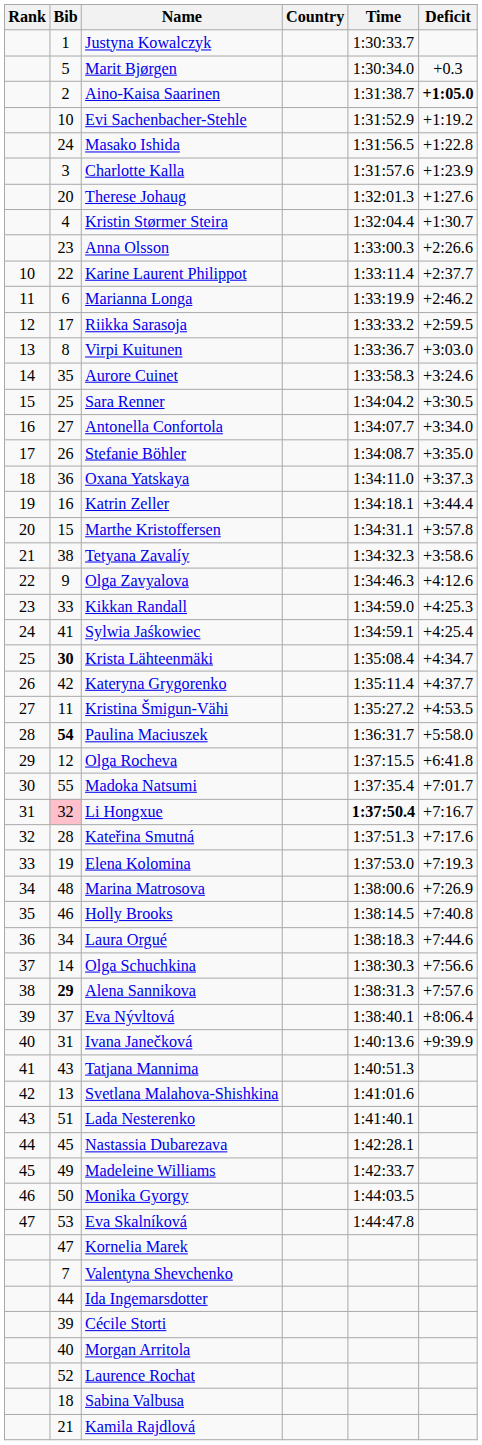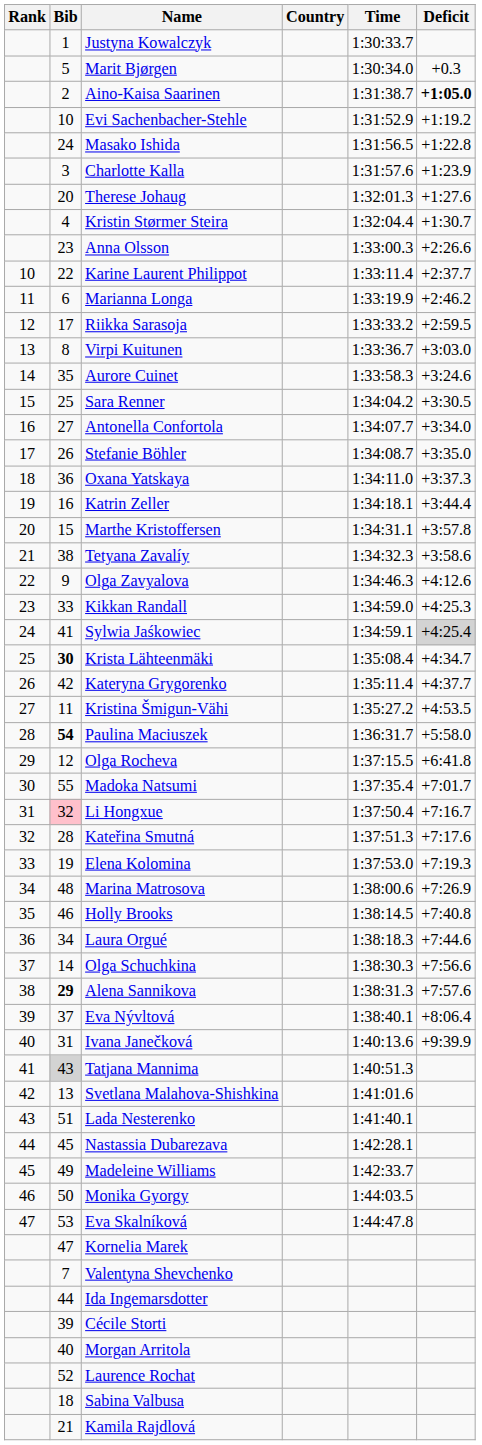 <table class="wikitable sortable" style="text-align:center">
 <tr>
 <th>Rank</th>
 <th>Bib</th>
 <th>Name</th>
 <th>Country</th>
 <th>Time</th>
 <th>Deficit</th>
 </tr>
 <tr>
 <td></td>
 <td>1</td>
 <td align="left"><a href='#'>Justyna Kowalczyk</a></td>
 <td align="left"></td>
 <td>1:30:33.7</td>
 <td></td>
 </tr>
 <tr>
 <td></td>
 <td>5</td>
 <td align="left"><a href='#'>Marit Bjørgen</a></td>
 <td align="left"></td>
 <td>1:30:34.0</td>
 <td>+0.3</td>
 </tr>
 <tr>
 <td></td>
 <td>2</td>
 <td align="left"><a href='#'>Aino-Kaisa Saarinen</a></td>
 <td align="left"></td>
 <td>1:31:38.7</td>
 <td><strong>+1:05.0</strong></td>
 </tr>
 <tr>
 <td></td>
 <td>10</td>
 <td align="left"><a href='#'>Evi Sachenbacher-Stehle</a></td>
 <td align="left"></td>
 <td>1:31:52.9</td>
 <td>+1:19.2</td>
 </tr>
 <tr>
 <td></td>
 <td>24</td>
 <td align="left"><a href='#'>Masako Ishida</a></td>
 <td align="left"></td>
 <td>1:31:56.5</td>
 <td>+1:22.8</td>
 </tr>
 <tr>
 <td></td>
 <td>3</td>
 <td align="left"><a href='#'>Charlotte Kalla</a></td>
 <td align="left"></td>
 <td>1:31:57.6</td>
 <td>+1:23.9</td>
 </tr>
 <tr>
 <td></td>
 <td>20</td>
 <td align="left"><a href='#'>Therese Johaug</a></td>
 <td align="left"></td>
 <td>1:32:01.3</td>
 <td>+1:27.6</td>
 </tr>
 <tr>
 <td></td>
 <td>4</td>
 <td align="left"><a href='#'>Kristin Størmer Steira</a></td>
 <td align="left"></td>
 <td>1:32:04.4</td>
 <td>+1:30.7</td>
 </tr>
 <tr>
 <td></td>
 <td>23</td>
 <td align="left"><a href='#'>Anna Olsson</a></td>
 <td align="left"></td>
 <td>1:33:00.3</td>
 <td>+2:26.6</td>
 </tr>
 <tr>
 <td>10</td>
 <td>22</td>
 <td align="left"><a href='#'>Karine Laurent Philippot</a></td>
 <td align="left"></td>
 <td>1:33:11.4</td>
 <td>+2:37.7</td>
 </tr>
 <tr>
 <td>11</td>
 <td>6</td>
 <td align="left"><a href='#'>Marianna Longa</a></td>
 <td align="left"></td>
 <td>1:33:19.9</td>
 <td>+2:46.2</td>
 </tr>
 <tr>
 <td>12</td>
 <td>17</td>
 <td align="left"><a href='#'>Riikka Sarasoja</a></td>
 <td align="left"></td>
 <td>1:33:33.2</td>
 <td>+2:59.5</td>
 </tr>
 <tr>
 <td>13</td>
 <td>8</td>
 <td align="left"><a href='#'>Virpi Kuitunen</a></td>
 <td align="left"></td>
 <td>1:33:36.7</td>
 <td>+3:03.0</td>
 </tr>
 <tr>
 <td>14</td>
 <td>35</td>
 <td align="left"><a href='#'>Aurore Cuinet</a></td>
 <td align="left"></td>
 <td>1:33:58.3</td>
 <td>+3:24.6</td>
 </tr>
 <tr>
 <td>15</td>
 <td>25</td>
 <td align="left"><a href='#'>Sara Renner</a></td>
 <td align="left"></td>
 <td>1:34:04.2</td>
 <td>+3:30.5</td>
 </tr>
 <tr>
 <td>16</td>
 <td>27</td>
 <td align="left"><a href='#'>Antonella Confortola</a></td>
 <td align="left"></td>
 <td>1:34:07.7</td>
 <td>+3:34.0</td>
 </tr>
 <tr>
 <td>17</td>
 <td>26</td>
 <td align="left"><a href='#'>Stefanie Böhler</a></td>
 <td align="left"></td>
 <td>1:34:08.7</td>
 <td>+3:35.0</td>
 </tr>
 <tr>
 <td>18</td>
 <td>36</td>
 <td align="left"><a href='#'>Oxana Yatskaya</a></td>
 <td align="left"></td>
 <td>1:34:11.0</td>
 <td>+3:37.3</td>
 </tr>
 <tr>
 <td>19</td>
 <td>16</td>
 <td align="left"><a href='#'>Katrin Zeller</a></td>
 <td align="left"></td>
 <td>1:34:18.1</td>
 <td>+3:44.4</td>
 </tr>
 <tr>
 <td>20</td>
 <td>15</td>
 <td align="left"><a href='#'>Marthe Kristoffersen</a></td>
 <td align="left"></td>
 <td>1:34:31.1</td>
 <td>+3:57.8</td>
 </tr>
 <tr>
 <td>21</td>
 <td>38</td>
 <td align="left"><a href='#'>Tetyana Zavalíy</a></td>
 <td align="left"></td>
 <td>1:34:32.3</td>
 <td>+3:58.6</td>
 </tr>
 <tr>
 <td>22</td>
 <td>9</td>
 <td align="left"><a href='#'>Olga Zavyalova</a></td>
 <td align="left"></td>
 <td>1:34:46.3</td>
 <td>+4:12.6</td>
 </tr>
 <tr>
 <td>23</td>
 <td>33</td>
 <td align="left"><a href='#'>Kikkan Randall</a></td>
 <td align="left"></td>
 <td>1:34:59.0</td>
 <td>+4:25.3</td>
 </tr>
 <tr>
 <td>24</td>
 <td>41</td>
 <td align="left"><a href='#'>Sylwia Jaśkowiec</a></td>
 <td align="left"></td>
 <td>1:34:59.1</td>
-<td>+4:25.4</td>
+<td style="background: lightgrey;">+4:25.4</td>
 </tr>
 <tr>
 <td>25</td>
 <td><strong>30</strong></td>
 <td align="left"><a href='#'>Krista Lähteenmäki</a></td>
 <td align="left"></td>
 <td>1:35:08.4</td>
 <td>+4:34.7</td>
 </tr>
 <tr>
 <td>26</td>
 <td>42</td>
 <td align="left"><a href='#'>Kateryna Grygorenko</a></td>
 <td align="left"></td>
 <td>1:35:11.4</td>
 <td>+4:37.7</td>
 </tr>
 <tr>
 <td>27</td>
 <td>11</td>
 <td align="left"><a href='#'>Kristina Šmigun-Vähi</a></td>
 <td align="left"></td>
 <td>1:35:27.2</td>
 <td>+4:53.5</td>
 </tr>
 <tr>
 <td>28</td>
 <td><strong>54</strong></td>
 <td align="left"><a href='#'>Paulina Maciuszek</a></td>
 <td align="left"></td>
 <td>1:36:31.7</td>
 <td>+5:58.0</td>
 </tr>
 <tr>
 <td>29</td>
 <td>12</td>
 <td align="left"><a href='#'>Olga Rocheva</a></td>
 <td align="left"></td>
 <td>1:37:15.5</td>
 <td>+6:41.8</td>
 </tr>
 <tr>
 <td>30</td>
 <td>55</td>
 <td align="left"><a href='#'>Madoka Natsumi</a></td>
 <td align="left"></td>
 <td>1:37:35.4</td>
 <td>+7:01.7</td>
 </tr>
 <tr>
 <td>31</td>
 <td style="background: pink;">32</td>
 <td align="left"><a href='#'>Li Hongxue</a></td>
 <td align="left"></td>
-<td><strong>1:37:50.4</strong></td>
+<td>1:37:50.4</td>
 <td>+7:16.7</td>
 </tr>
 <tr>
 <td>32</td>
 <td>28</td>
 <td align="left"><a href='#'>Kateřina Smutná</a></td>
 <td align="left"></td>
 <td>1:37:51.3</td>
 <td>+7:17.6</td>
 </tr>
 <tr>
 <td>33</td>
 <td>19</td>
 <td align="left"><a href='#'>Elena Kolomina</a></td>
 <td align="left"></td>
 <td>1:37:53.0</td>
 <td>+7:19.3</td>
 </tr>
 <tr>
 <td>34</td>
 <td>48</td>
 <td align="left"><a href='#'>Marina Matrosova</a></td>
 <td align="left"></td>
 <td>1:38:00.6</td>
 <td>+7:26.9</td>
 </tr>
 <tr>
 <td>35</td>
 <td>46</td>
 <td align="left"><a href='#'>Holly Brooks</a></td>
 <td align="left"></td>
 <td>1:38:14.5</td>
 <td>+7:40.8</td>
 </tr>
 <tr>
 <td>36</td>
 <td>34</td>
 <td align="left"><a href='#'>Laura Orgué</a></td>
 <td align="left"></td>
 <td>1:38:18.3</td>
 <td>+7:44.6</td>
 </tr>
 <tr>
 <td>37</td>
 <td>14</td>
 <td align="left"><a href='#'>Olga Schuchkina</a></td>
 <td align="left"></td>
 <td>1:38:30.3</td>
 <td>+7:56.6</td>
 </tr>
 <tr>
 <td>38</td>
 <td><strong>29</strong></td>
 <td align="left"><a href='#'>Alena Sannikova</a></td>
 <td align="left"></td>
 <td>1:38:31.3</td>
 <td>+7:57.6</td>
 </tr>
 <tr>
 <td>39</td>
 <td>37</td>
 <td align="left"><a href='#'>Eva Nývltová</a></td>
 <td align="left"></td>
 <td>1:38:40.1</td>
 <td>+8:06.4</td>
 </tr>
 <tr>
 <td>40</td>
 <td>31</td>
 <td align="left"><a href='#'>Ivana Janečková</a></td>
 <td align="left"></td>
 <td>1:40:13.6</td>
 <td>+9:39.9</td>
 </tr>
 <tr>
 <td>41</td>
-<td>43</td>
+<td style="background: lightgrey;">43</td>
 <td align="left"><a href='#'>Tatjana Mannima</a></td>
 <td align="left"></td>
 <td>1:40:51.3</td>
 <td></td>
 </tr>
 <tr>
 <td>42</td>
 <td>13</td>
 <td align="left"><a href='#'>Svetlana Malahova-Shishkina</a></td>
 <td align="left"></td>
 <td>1:41:01.6</td>
 <td></td>
 </tr>
 <tr>
 <td>43</td>
 <td>51</td>
 <td align="left"><a href='#'>Lada Nesterenko</a></td>
 <td align="left"></td>
 <td>1:41:40.1</td>
 <td></td>
 </tr>
 <tr>
 <td>44</td>
 <td>45</td>
 <td align="left"><a href='#'>Nastassia Dubarezava</a></td>
 <td align="left"></td>
 <td>1:42:28.1</td>
 <td></td>
 </tr>
 <tr>
 <td>45</td>
 <td>49</td>
 <td align="left"><a href='#'>Madeleine Williams</a></td>
 <td align="left"></td>
 <td>1:42:33.7</td>
 <td></td>
 </tr>
 <tr>
 <td>46</td>
 <td>50</td>
 <td align="left"><a href='#'>Monika Gyorgy</a></td>
 <td align="left"></td>
 <td>1:44:03.5</td>
 <td></td>
 </tr>
 <tr>
 <td>47</td>
 <td>53</td>
 <td align="left"><a href='#'>Eva Skalníková</a></td>
 <td align="left"></td>
 <td>1:44:47.8</td>
 <td></td>
 </tr>
 <tr>
 <td></td>
 <td>47</td>
 <td align="left"><a href='#'>Kornelia Marek</a></td>
 <td align="left"></td>
 <td></td>
 <td></td>
 </tr>
 <tr>
 <td></td>
 <td>7</td>
 <td align="left"><a href='#'>Valentyna Shevchenko</a></td>
 <td align="left"></td>
 <td></td>
 <td></td>
 </tr>
 <tr>
 <td></td>
 <td>44</td>
 <td align="left"><a href='#'>Ida Ingemarsdotter</a></td>
 <td align="left"></td>
 <td></td>
 <td></td>
 </tr>
 <tr>
 <td></td>
 <td>39</td>
 <td align="left"><a href='#'>Cécile Storti</a></td>
 <td align="left"></td>
 <td></td>
 <td></td>
 </tr>
 <tr>
 <td></td>
 <td>40</td>
 <td align="left"><a href='#'>Morgan Arritola</a></td>
 <td align="left"></td>
 <td></td>
 <td></td>
 </tr>
 <tr>
 <td></td>
 <td>52</td>
 <td align="left"><a href='#'>Laurence Rochat</a></td>
 <td align="left"></td>
 <td></td>
 <td></td>
 </tr>
 <tr>
 <td></td>
 <td>18</td>
 <td align="left"><a href='#'>Sabina Valbusa</a></td>
 <td align="left"></td>
 <td></td>
 <td></td>
 </tr>
 <tr>
 <td></td>
 <td>21</td>
 <td align="left"><a href='#'>Kamila Rajdlová</a></td>
 <td align="left"></td>
 <td></td>
 <td></td>
 </tr>
 </table>
